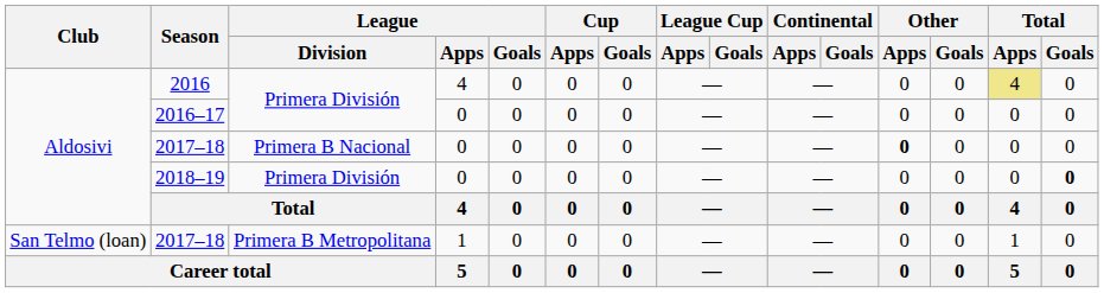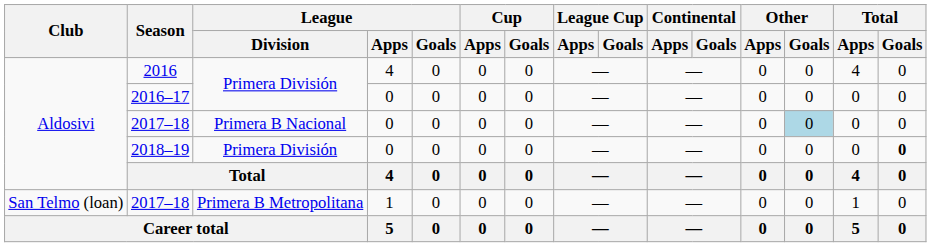 <table class="wikitable" style="text-align:center">
 <tr>
 <th rowspan="2">Club</th>
 <th rowspan="2">Season</th>
 <th colspan="3">League</th>
 <th colspan="2">Cup</th>
 <th colspan="2">League Cup</th>
 <th colspan="2">Continental</th>
 <th colspan="2">Other</th>
 <th colspan="2">Total</th>
 </tr>
 <tr>
 <th>Division</th>
 <th>Apps</th>
 <th>Goals</th>
 <th>Apps</th>
 <th>Goals</th>
 <th>Apps</th>
 <th>Goals</th>
 <th>Apps</th>
 <th>Goals</th>
 <th>Apps</th>
 <th>Goals</th>
 <th>Apps</th>
 <th>Goals</th>
 </tr>
 <tr>
 <td rowspan="5"><a href='#'>Aldosivi</a></td>
 <td><a href='#'>2016</a></td>
 <td rowspan="2"><a href='#'>Primera División</a></td>
 <td>4</td>
 <td>0</td>
 <td>0</td>
 <td>0</td>
 <td colspan="2">—</td>
 <td colspan="2">—</td>
 <td>0</td>
 <td>0</td>
-<td style="background: khaki;">4</td>
+<td>4</td>
 <td>0</td>
 </tr>
 <tr>
 <td><a href='#'>2016–17</a></td>
 <td>0</td>
 <td>0</td>
 <td>0</td>
 <td>0</td>
 <td colspan="2">—</td>
 <td colspan="2">—</td>
 <td>0</td>
 <td>0</td>
 <td>0</td>
 <td>0</td>
 </tr>
 <tr>
 <td><a href='#'>2017–18</a></td>
 <td rowspan="1"><a href='#'>Primera B Nacional</a></td>
 <td>0</td>
 <td>0</td>
 <td>0</td>
 <td>0</td>
 <td colspan="2">—</td>
 <td colspan="2">—</td>
-<td><strong>0</strong></td>
 <td>0</td>
+<td style="background: lightblue;">0</td>
 <td>0</td>
 <td>0</td>
 </tr>
 <tr>
 <td><a href='#'>2018–19</a></td>
 <td rowspan="1"><a href='#'>Primera División</a></td>
 <td>0</td>
 <td>0</td>
 <td>0</td>
 <td>0</td>
 <td colspan="2">—</td>
 <td colspan="2">—</td>
 <td>0</td>
 <td>0</td>
 <td>0</td>
 <td><strong>0</strong></td>
 </tr>
 <tr>
 <th colspan="2">Total</th>
 <th>4</th>
 <th>0</th>
 <th>0</th>
 <th>0</th>
 <th colspan="2">—</th>
 <th colspan="2">—</th>
 <th>0</th>
 <th>0</th>
 <th>4</th>
 <th>0</th>
 </tr>
 <tr>
 <td rowspan="1"><a href='#'>San Telmo</a> (loan)</td>
 <td><a href='#'>2017–18</a></td>
 <td rowspan="1"><a href='#'>Primera B Metropolitana</a></td>
 <td>1</td>
 <td>0</td>
 <td>0</td>
 <td>0</td>
 <td colspan="2">—</td>
 <td colspan="2">—</td>
 <td>0</td>
 <td>0</td>
 <td>1</td>
 <td>0</td>
 </tr>
 <tr>
 <th colspan="3">Career total</th>
 <th>5</th>
 <th>0</th>
 <th>0</th>
 <th>0</th>
 <th colspan="2">—</th>
 <th colspan="2">—</th>
 <th>0</th>
 <th>0</th>
 <th>5</th>
 <th>0</th>
 </tr>
 </table>
